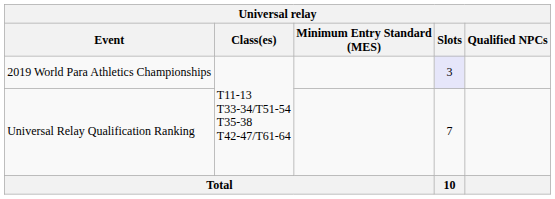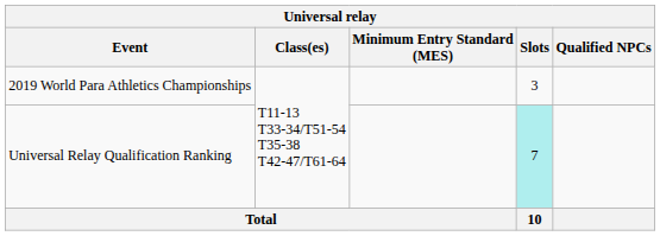 <table class="wikitable">
 <tr>
 <th colspan="6">Universal relay</th>
 </tr>
 <tr>
 <th>Event</th>
 <th>Class(es)</th>
 <th>Minimum Entry Standard<br> (MES)</th>
 <th>Slots</th>
 <th>Qualified NPCs</th>
 </tr>
 <tr>
 <td>2019 World Para Athletics Championships</td>
 <td rowspan=2>T11-13<br>T33-34/T51-54<br>T35-38<br>T42-47/T61-64</td>
 <td></td>
-<td align=center style="background: lavender;">3</td>
+<td align=center>3</td>
 <td><br><br></td>
 </tr>
 <tr>
 <td>Universal Relay Qualification Ranking</td>
 <td></td>
-<td align=center>7</td>
+<td align=center style="background: paleturquoise;">7</td>
 <td><br><br><br><br><br><br></td>
 </tr>
 <tr>
 <th colspan=3>Total</th>
 <th>10</th>
 <th></th>
 </tr>
 </table>
